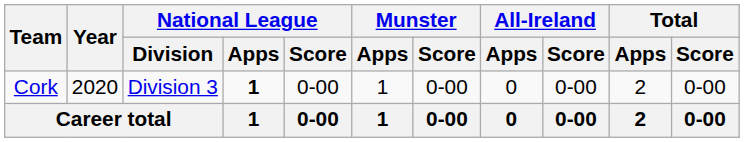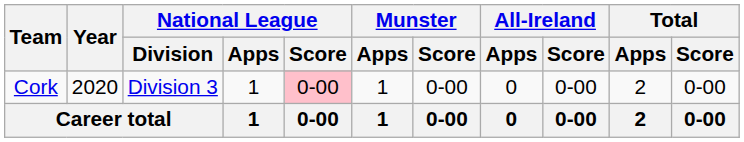 <table class="wikitable" style="text-align:center">
 <tr>
 <th rowspan="2">Team</th>
 <th rowspan="2">Year</th>
 <th colspan="3"><a href='#'>National League</a></th>
 <th colspan="2"><a href='#'>Munster</a></th>
 <th colspan="2"><a href='#'>All-Ireland</a></th>
 <th colspan="2">Total</th>
 </tr>
 <tr>
 <th>Division</th>
 <th>Apps</th>
 <th>Score</th>
 <th>Apps</th>
 <th>Score</th>
 <th>Apps</th>
 <th>Score</th>
 <th>Apps</th>
 <th>Score</th>
 </tr>
 <tr>
 <td rowspan="1"><a href='#'>Cork</a></td>
 <td>2020</td>
 <td rowspan="1"><a href='#'>Division 3</a></td>
-<td><strong>1</strong></td>
-<td>0-00</td>
+<td>1</td>
+<td style="background: pink;">0-00</td>
 <td>1</td>
 <td>0-00</td>
 <td>0</td>
 <td>0-00</td>
 <td>2</td>
 <td>0-00</td>
 </tr>
 <tr>
 <th colspan="3">Career total</th>
 <th>1</th>
 <th>0-00</th>
 <th>1</th>
 <th>0-00</th>
 <th>0</th>
 <th>0-00</th>
 <th>2</th>
 <th>0-00</th>
 </tr>
 </table>
